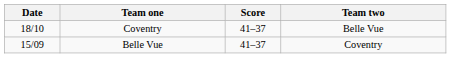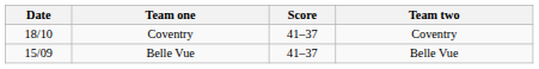 <table class="wikitable" style="text-align: center">
 <tr>
 <th width=80>Date</th>
 <th width=250>Team one</th>
 <th width=80>Score</th>
 <th width=250>Team two</th>
 </tr>
 <tr>
 <td>18/10</td>
 <td>Coventry</td>
 <td>41–37</td>
-<td>Belle Vue</td>
+<td>Coventry</td>
 </tr>
 <tr>
 <td>15/09</td>
 <td>Belle Vue</td>
 <td>41–37</td>
-<td>Coventry</td>
+<td>Belle Vue</td>
 </tr>
 </table>
